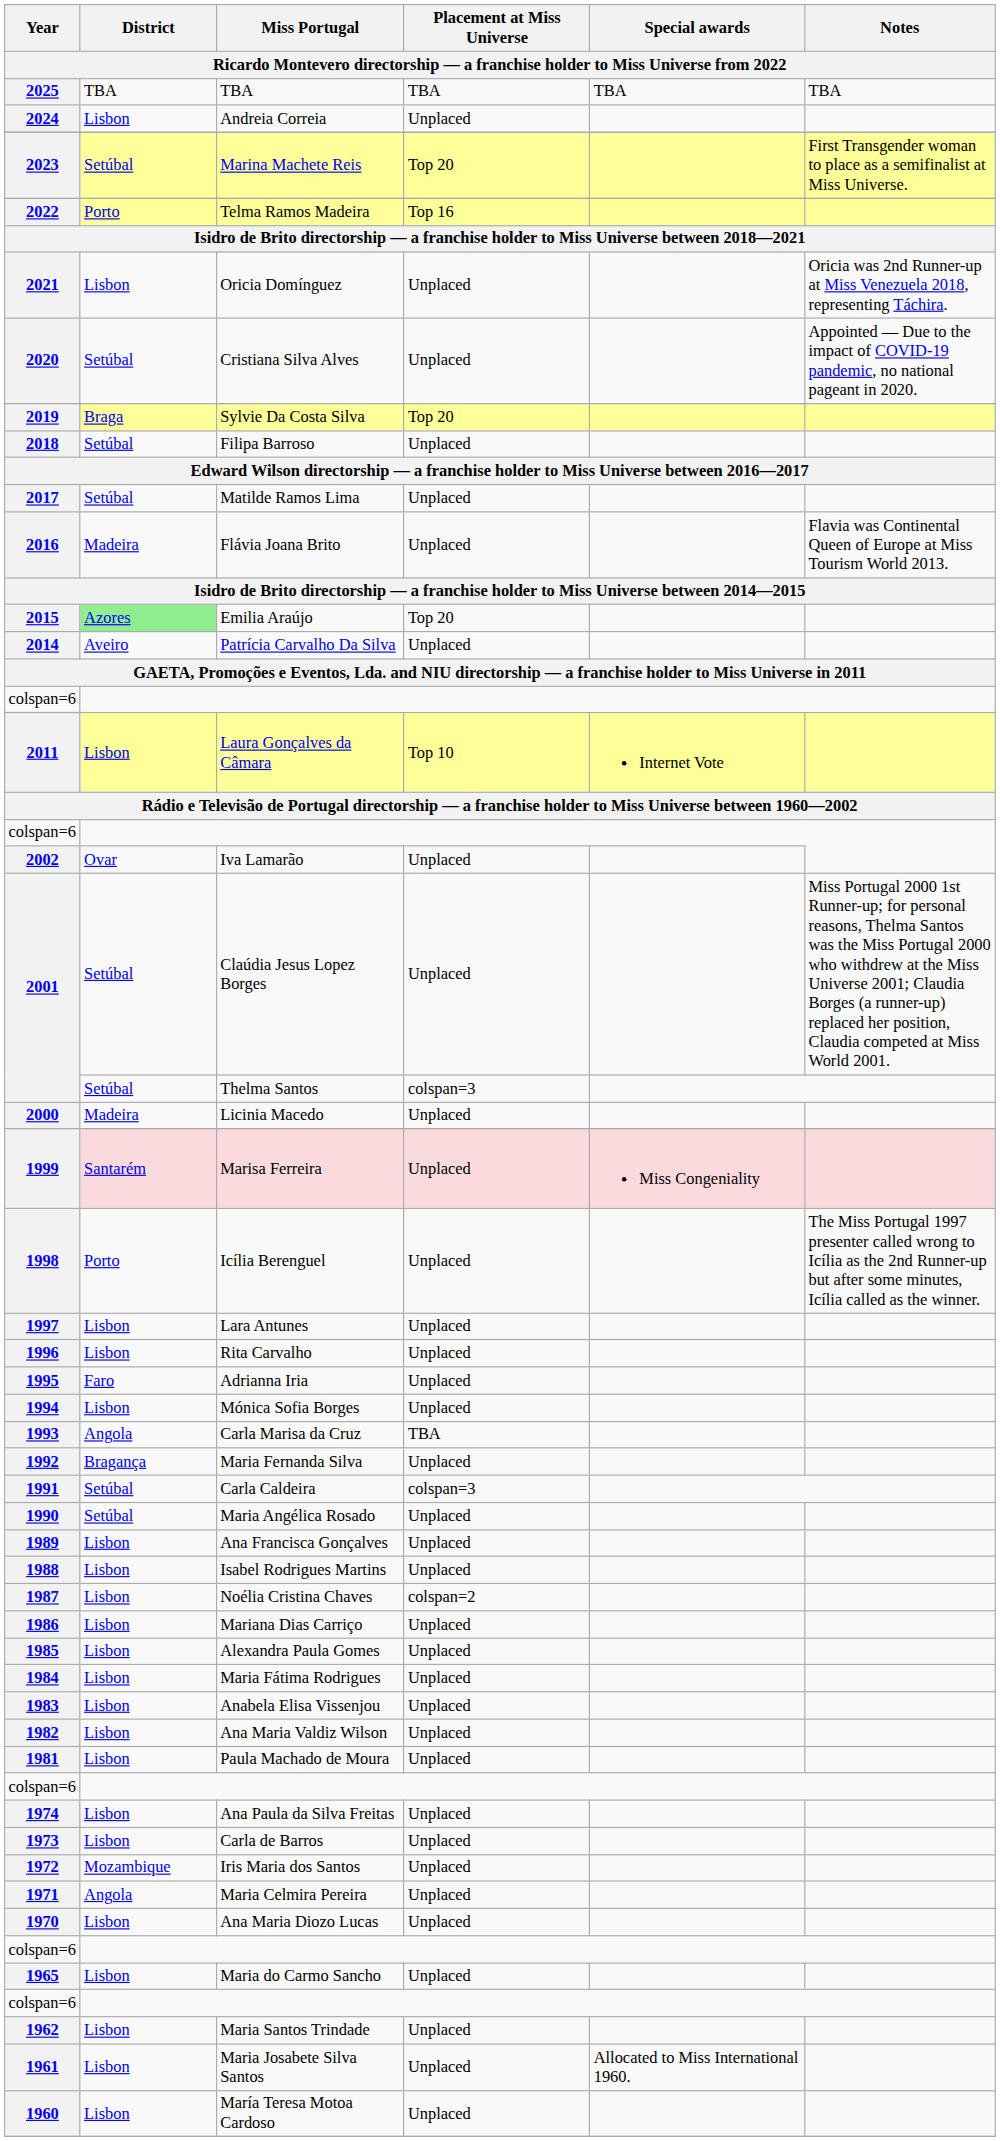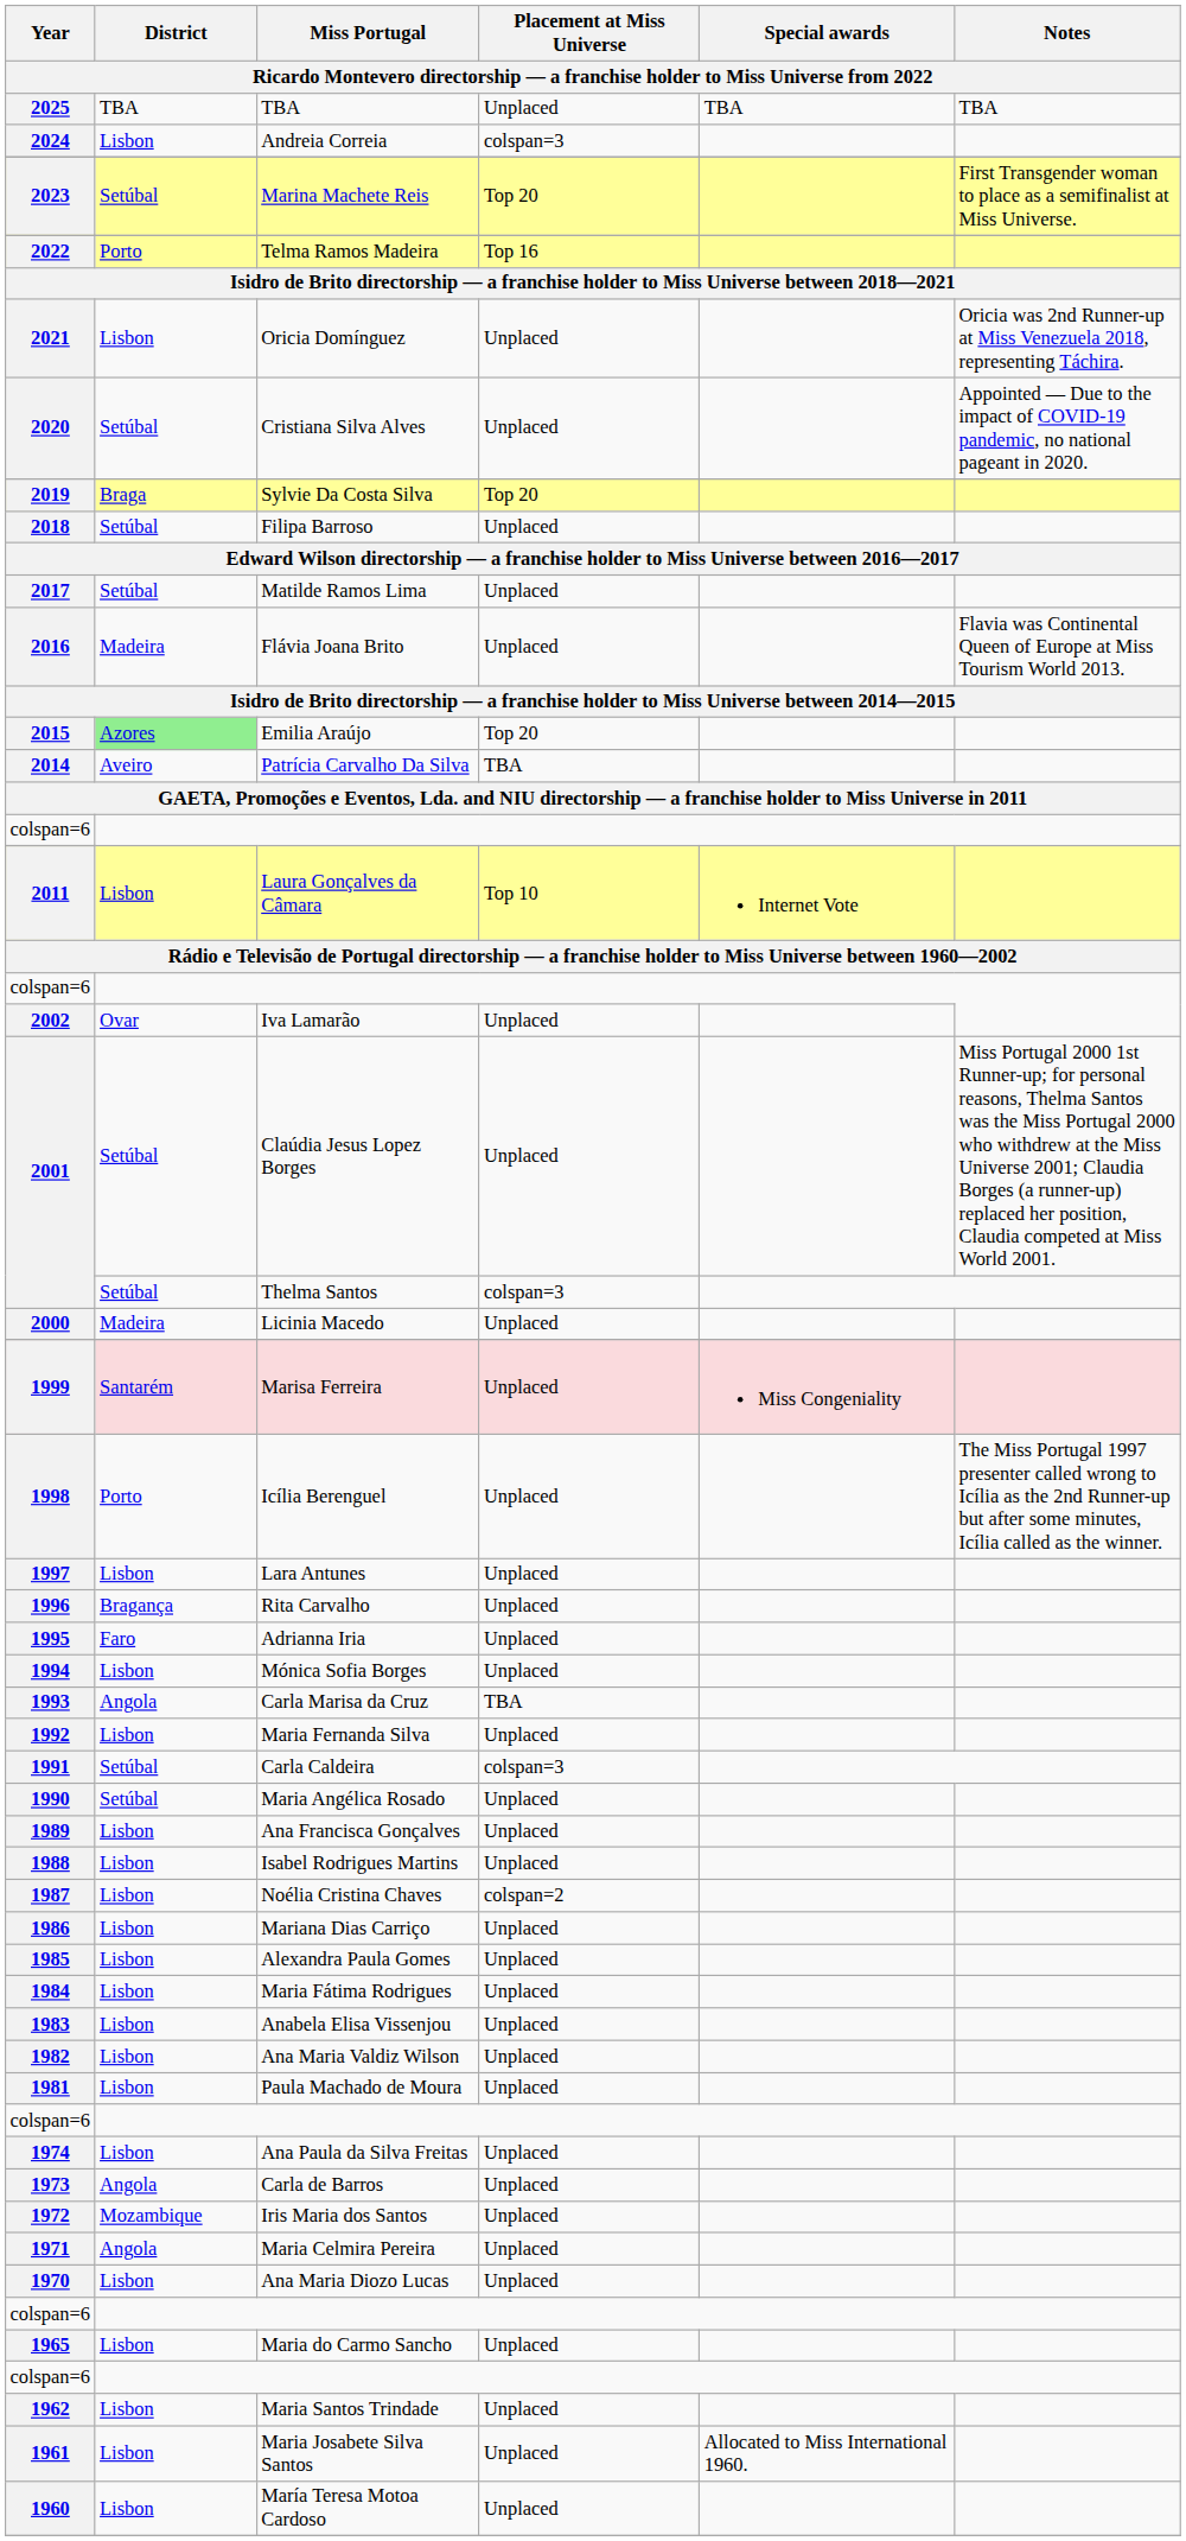 <table class="wikitable " style="font-size: 90%;">
 <tr>
 <th width="60">Year</th>
 <th width="150">District</th>
 <th width="250">Miss Portugal</th>
 <th width="250">Placement at Miss Universe</th>
 <th width="250">Special awards</th>
 <th width="250">Notes</th>
 </tr>
 <tr>
 <th colspan="6">Ricardo Montevero directorship — a franchise holder to Miss Universe from 2022</th>
 </tr>
 <tr>
 <th><a href='#'>2025</a></th>
 <td>TBA</td>
 <td>TBA</td>
-<td>TBA</td>
+<td>Unplaced</td>
 <td>TBA</td>
 <td>TBA</td>
 </tr>
 <tr>
 <th><a href='#'>2024</a></th>
 <td><a href='#'>Lisbon</a></td>
 <td>Andreia Correia</td>
-<td>Unplaced</td>
+<td>colspan=3 </td>
 <td></td>
 <td></td>
 </tr>
 <tr>
 </tr>
 <tr style="background-color:#FFFF99">
 <th><a href='#'>2023</a></th>
 <td><a href='#'>Setúbal</a></td>
 <td><a href='#'>Marina Machete Reis</a></td>
 <td>Top 20</td>
 <td></td>
 <td>First Transgender woman to place as a semifinalist at Miss Universe.</td>
 </tr>
 <tr>
 </tr>
 <tr style="background-color:#FFFF99">
 <th><a href='#'>2022</a></th>
 <td><a href='#'>Porto</a></td>
 <td>Telma Ramos Madeira</td>
 <td>Top 16</td>
 <td></td>
 <td></td>
 </tr>
 <tr>
 <th colspan="6">Isidro de Brito directorship — a franchise holder to Miss Universe between 2018―2021</th>
 </tr>
 <tr>
 <th><a href='#'>2021</a></th>
 <td><a href='#'>Lisbon</a></td>
 <td>Oricia Domínguez</td>
 <td>Unplaced</td>
 <td></td>
 <td>Oricia was 2nd Runner-up at <a href='#'>Miss Venezuela 2018</a>, representing <a href='#'>Táchira</a>.</td>
 </tr>
 <tr>
 <th><a href='#'>2020</a></th>
 <td><a href='#'>Setúbal</a></td>
 <td>Cristiana Silva Alves</td>
 <td>Unplaced</td>
 <td></td>
 <td>Appointed — Due to the impact of <a href='#'>COVID-19 pandemic</a>, no national pageant in 2020.</td>
 </tr>
 <tr>
 </tr>
 <tr style="background-color:#FFFF99">
 <th><a href='#'>2019</a></th>
 <td><a href='#'>Braga</a></td>
 <td>Sylvie Da Costa Silva</td>
 <td>Top 20</td>
 <td></td>
 <td></td>
 </tr>
 <tr>
 <th><a href='#'>2018</a></th>
 <td><a href='#'>Setúbal</a></td>
 <td>Filipa Barroso</td>
 <td>Unplaced</td>
 <td></td>
 </tr>
 <tr>
 <th colspan="6">Edward Wilson directorship — a franchise holder to Miss Universe between 2016―2017</th>
 </tr>
 <tr>
 <th><a href='#'>2017</a></th>
 <td><a href='#'>Setúbal</a></td>
 <td>Matilde Ramos Lima</td>
 <td>Unplaced</td>
 <td></td>
 <td></td>
 </tr>
 <tr>
 <th><a href='#'>2016</a></th>
 <td><a href='#'>Madeira</a></td>
 <td>Flávia Joana Brito</td>
 <td>Unplaced</td>
 <td></td>
 <td>Flavia was Continental Queen of Europe at Miss Tourism World 2013.</td>
 </tr>
 <tr>
 <th colspan="6">Isidro de Brito directorship — a franchise holder to Miss Universe between 2014―2015</th>
 </tr>
 <tr>
 <th><a href='#'>2015</a></th>
 <td style="background: lightgreen;"><a href='#'>Azores</a></td>
 <td>Emilia Araújo</td>
 <td>Top 20</td>
 <td></td>
 <td></td>
 </tr>
 <tr>
 <th><a href='#'>2014</a></th>
 <td><a href='#'>Aveiro</a></td>
 <td><a href='#'>Patrícia Carvalho Da Silva</a></td>
-<td>Unplaced</td>
+<td>TBA</td>
 <td></td>
 <td></td>
 </tr>
 <tr>
 <th colspan="6">GAETA, Promoções e Eventos, Lda. and NIU directorship — a franchise holder to Miss Universe in 2011</th>
 </tr>
 <tr>
 <td>colspan=6 </td>
 </tr>
 <tr>
 </tr>
 <tr style="background-color:#FFFF99;">
 <th><a href='#'>2011</a></th>
 <td><a href='#'>Lisbon</a></td>
 <td><a href='#'>Laura Gonçalves da Câmara</a></td>
 <td>Top 10</td>
 <td align="left"><br><ul><li>Internet Vote</li></ul></td>
 <td></td>
 </tr>
 <tr>
 <th colspan="6">Rádio e Televisão de Portugal directorship — a franchise holder to Miss Universe between 1960―2002</th>
 </tr>
 <tr>
 <td>colspan=6 </td>
 </tr>
 <tr>
 <th><a href='#'>2002</a></th>
 <td><a href='#'>Ovar</a></td>
 <td>Iva Lamarão</td>
 <td>Unplaced</td>
 <td></td>
 </tr>
 <tr>
 <th rowspan=2><a href='#'>2001</a></th>
 <td><a href='#'>Setúbal</a></td>
 <td>Claúdia Jesus Lopez Borges</td>
 <td>Unplaced</td>
 <td></td>
 <td>Miss Portugal 2000 1st Runner-up; for personal reasons, Thelma Santos was the Miss Portugal 2000 who withdrew at the Miss Universe 2001; Claudia Borges (a runner-up) replaced her position, Claudia competed at Miss World 2001.</td>
 </tr>
 <tr>
 <td><a href='#'>Setúbal</a></td>
 <td>Thelma Santos</td>
 <td>colspan=3 </td>
 </tr>
 <tr>
 <th><a href='#'>2000</a></th>
 <td><a href='#'>Madeira</a></td>
 <td>Licinia Macedo</td>
 <td>Unplaced</td>
 <td></td>
 <td></td>
 </tr>
 <tr>
 </tr>
 <tr style="background-color:#FADADD;">
 <th><a href='#'>1999</a></th>
 <td><a href='#'>Santarém</a></td>
 <td>Marisa Ferreira</td>
 <td>Unplaced</td>
 <td align="left"><br><ul><li>Miss Congeniality</li></ul></td>
 <td></td>
 </tr>
 <tr>
 <th><a href='#'>1998</a></th>
 <td><a href='#'>Porto</a></td>
 <td>Icília Berenguel</td>
 <td>Unplaced</td>
 <td></td>
 <td>The Miss Portugal 1997 presenter called wrong to Icília as the 2nd Runner-up but after some minutes, Icília called as the winner.</td>
 </tr>
 <tr>
 <th><a href='#'>1997</a></th>
 <td><a href='#'>Lisbon</a></td>
 <td>Lara Antunes</td>
 <td>Unplaced</td>
 <td></td>
 <td></td>
 </tr>
 <tr>
 <th><a href='#'>1996</a></th>
-<td><a href='#'>Lisbon</a></td>
+<td><a href='#'>Bragança</a></td>
 <td>Rita Carvalho</td>
 <td>Unplaced</td>
 <td></td>
 <td></td>
 </tr>
 <tr>
 <th><a href='#'>1995</a></th>
 <td><a href='#'>Faro</a></td>
 <td>Adrianna Iria</td>
 <td>Unplaced</td>
 <td></td>
 <td></td>
 </tr>
 <tr>
 <th><a href='#'>1994</a></th>
 <td><a href='#'>Lisbon</a></td>
 <td>Mónica Sofia Borges</td>
 <td>Unplaced</td>
 <td></td>
 <td></td>
 </tr>
 <tr>
 <th><a href='#'>1993</a></th>
 <td><a href='#'>Angola</a></td>
 <td>Carla Marisa da Cruz</td>
 <td>TBA</td>
 <td></td>
 <td></td>
 </tr>
 <tr>
 <th><a href='#'>1992</a></th>
-<td><a href='#'>Bragança</a></td>
+<td><a href='#'>Lisbon</a></td>
 <td>Maria Fernanda Silva</td>
 <td>Unplaced</td>
 <td></td>
 <td></td>
 </tr>
 <tr>
 <th><a href='#'>1991</a></th>
 <td><a href='#'>Setúbal</a></td>
 <td>Carla Caldeira</td>
 <td>colspan=3 </td>
 </tr>
 <tr>
 <th><a href='#'>1990</a></th>
 <td><a href='#'>Setúbal</a></td>
 <td>Maria Angélica Rosado</td>
 <td>Unplaced</td>
 <td></td>
 <td></td>
 </tr>
 <tr>
 <th><a href='#'>1989</a></th>
 <td><a href='#'>Lisbon</a></td>
 <td>Ana Francisca Gonçalves</td>
 <td>Unplaced</td>
 <td></td>
 <td></td>
 </tr>
 <tr>
 <th><a href='#'>1988</a></th>
 <td><a href='#'>Lisbon</a></td>
 <td>Isabel Rodrigues Martins</td>
 <td>Unplaced</td>
 <td></td>
 <td></td>
 </tr>
 <tr>
 <th><a href='#'>1987</a></th>
 <td><a href='#'>Lisbon</a></td>
 <td>Noélia Cristina Chaves</td>
 <td>colspan=2 </td>
 <td></td>
 <td></td>
 </tr>
 <tr>
 <th><a href='#'>1986</a></th>
 <td><a href='#'>Lisbon</a></td>
 <td>Mariana Dias Carriço</td>
 <td>Unplaced</td>
 <td></td>
 <td></td>
 </tr>
 <tr>
 <th><a href='#'>1985</a></th>
 <td><a href='#'>Lisbon</a></td>
 <td>Alexandra Paula Gomes</td>
 <td>Unplaced</td>
 <td></td>
 <td></td>
 </tr>
 <tr>
 <th><a href='#'>1984</a></th>
 <td><a href='#'>Lisbon</a></td>
 <td>Maria Fátima Rodrigues</td>
 <td>Unplaced</td>
 <td></td>
 <td></td>
 </tr>
 <tr>
 <th><a href='#'>1983</a></th>
 <td><a href='#'>Lisbon</a></td>
 <td>Anabela Elisa Vissenjou</td>
 <td>Unplaced</td>
 <td></td>
 <td></td>
 </tr>
 <tr>
 <th><a href='#'>1982</a></th>
 <td><a href='#'>Lisbon</a></td>
 <td>Ana Maria Valdiz Wilson</td>
 <td>Unplaced</td>
 <td></td>
 <td></td>
 </tr>
 <tr>
 <th><a href='#'>1981</a></th>
 <td><a href='#'>Lisbon</a></td>
 <td>Paula Machado de Moura</td>
 <td>Unplaced</td>
 <td></td>
 <td></td>
 </tr>
 <tr>
 <td>colspan=6 </td>
 </tr>
 <tr>
 <th><a href='#'>1974</a></th>
 <td><a href='#'>Lisbon</a></td>
 <td>Ana Paula da Silva Freitas</td>
 <td>Unplaced</td>
 <td></td>
 <td></td>
 </tr>
 <tr>
 <th><a href='#'>1973</a></th>
-<td><a href='#'>Lisbon</a></td>
+<td><a href='#'>Angola</a></td>
 <td>Carla de Barros</td>
 <td>Unplaced</td>
 <td></td>
 <td></td>
 </tr>
 <tr>
 <th><a href='#'>1972</a></th>
 <td><a href='#'>Mozambique</a></td>
 <td>Iris Maria dos Santos</td>
 <td>Unplaced</td>
 <td></td>
 <td></td>
 </tr>
 <tr>
 <th><a href='#'>1971</a></th>
 <td><a href='#'>Angola</a></td>
 <td>Maria Celmira Pereira</td>
 <td>Unplaced</td>
 <td></td>
 <td></td>
 </tr>
 <tr>
 <th><a href='#'>1970</a></th>
 <td><a href='#'>Lisbon</a></td>
 <td>Ana Maria Diozo Lucas</td>
 <td>Unplaced</td>
 <td></td>
 <td></td>
 </tr>
 <tr>
 <td>colspan=6 </td>
 </tr>
 <tr>
 <th><a href='#'>1965</a></th>
 <td><a href='#'>Lisbon</a></td>
 <td>Maria do Carmo Sancho</td>
 <td>Unplaced</td>
 <td></td>
 <td></td>
 </tr>
 <tr>
 <td>colspan=6 </td>
 </tr>
 <tr>
 <th><a href='#'>1962</a></th>
 <td><a href='#'>Lisbon</a></td>
 <td>Maria Santos Trindade</td>
 <td>Unplaced</td>
 <td></td>
 <td></td>
 </tr>
 <tr>
 <th><a href='#'>1961</a></th>
 <td><a href='#'>Lisbon</a></td>
 <td>Maria Josabete Silva Santos</td>
 <td>Unplaced</td>
 <td>Allocated to Miss International 1960.</td>
 </tr>
 <tr>
 <th><a href='#'>1960</a></th>
 <td><a href='#'>Lisbon</a></td>
 <td>María Teresa Motoa Cardoso</td>
 <td>Unplaced</td>
 <td></td>
 <td></td>
 </tr>
 <tr>
 </tr>
 </table>
